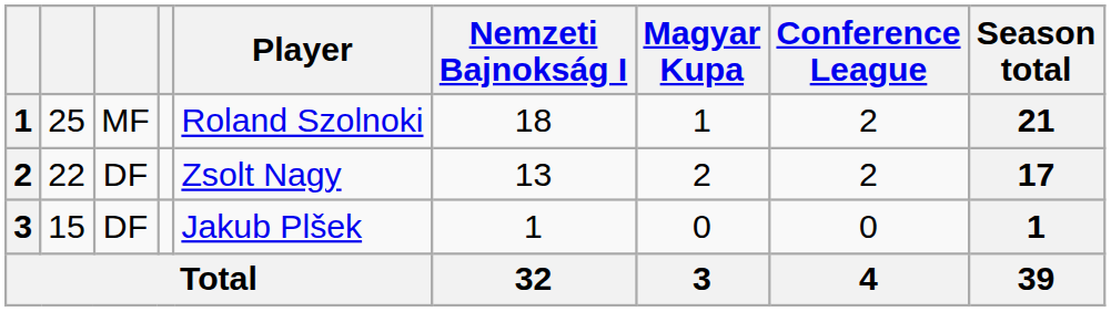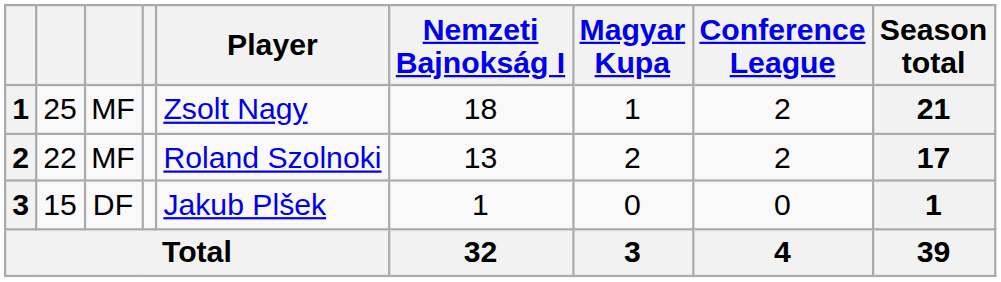 <table class="wikitable sortable sticky-header zebra" style="text-align:center; font-size:85%;">
 <tr>
 <th></th>
 <th></th>
 <th></th>
 <th></th>
 <th>Player</th>
 <th><a href='#'>Nemzeti<br>Bajnokság I</a></th>
 <th><a href='#'>Magyar<br>Kupa</a></th>
 <th><a href='#'>Conference<br>League</a></th>
 <th>Season<br>total</th>
 </tr>
 <tr>
 <th>1</th>
 <td>25</td>
 <td>MF</td>
 <td></td>
-<td align="left"><a href='#'>Roland Szolnoki</a></td>
+<td align="left"><a href='#'>Zsolt Nagy</a></td>
 <td>18</td>
 <td>1</td>
 <td>2</td>
 <th>21</th>
 </tr>
 <tr>
 <th>2</th>
 <td>22</td>
-<td>DF</td>
+<td>MF</td>
 <td></td>
-<td align="left"><a href='#'>Zsolt Nagy</a></td>
+<td align="left"><a href='#'>Roland Szolnoki</a></td>
 <td>13</td>
 <td>2</td>
 <td>2</td>
 <th>17</th>
 </tr>
 <tr>
 <th>3</th>
 <td>15</td>
 <td>DF</td>
 <td></td>
 <td align="left"><a href='#'>Jakub Plšek</a></td>
 <td>1</td>
 <td>0</td>
 <td>0</td>
 <th>1</th>
 </tr>
 <tr>
 <th colspan="5">Total</th>
 <th>32</th>
 <th>3</th>
 <th>4</th>
 <th>39</th>
 </tr>
 </table>
